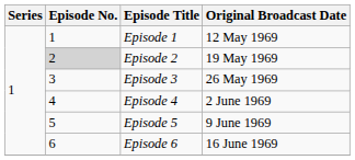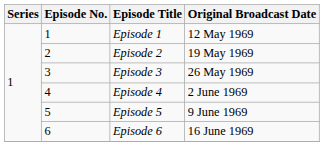 <table class="wikitable">
 <tr>
 <th>Series</th>
 <th>Episode No.</th>
 <th>Episode Title</th>
 <th>Original Broadcast Date</th>
 </tr>
 <tr>
 <td rowspan="6">1</td>
 <td>1</td>
 <td><em>Episode 1 </em></td>
 <td>12 May 1969</td>
 </tr>
 <tr>
-<td style="background: lightgrey;">2</td>
+<td>2</td>
 <td><em>Episode 2 </em></td>
 <td>19 May 1969</td>
 </tr>
 <tr>
 <td>3</td>
 <td><em>Episode 3 </em></td>
 <td>26 May 1969</td>
 </tr>
 <tr>
 <td>4</td>
 <td><em>Episode 4 </em></td>
 <td>2 June 1969</td>
 </tr>
 <tr>
 <td>5</td>
 <td><em>Episode 5 </em></td>
 <td>9 June 1969</td>
 </tr>
 <tr>
 <td>6</td>
 <td><em>Episode 6 </em></td>
 <td>16 June 1969</td>
 </tr>
 <tr>
 </tr>
 </table>
